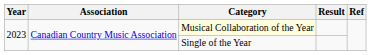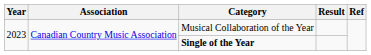 <table class="wikitable">
 <tr>
 <th>Year</th>
 <th>Association</th>
 <th>Category</th>
 <th>Result</th>
 <th>Ref</th>
 </tr>
 <tr>
 <td rowspan="2">2023</td>
 <td rowspan="2"><a href='#'>Canadian Country Music Association</a></td>
-<td style="background: lightyellow;">Musical Collaboration of the Year</td>
+<td>Musical Collaboration of the Year</td>
 <td></td>
 <td rowspan="2"></td>
 </tr>
 <tr>
-<td>Single of the Year</td>
+<td><strong>Single of the Year</strong></td>
 <td></td>
 </tr>
 </table>
